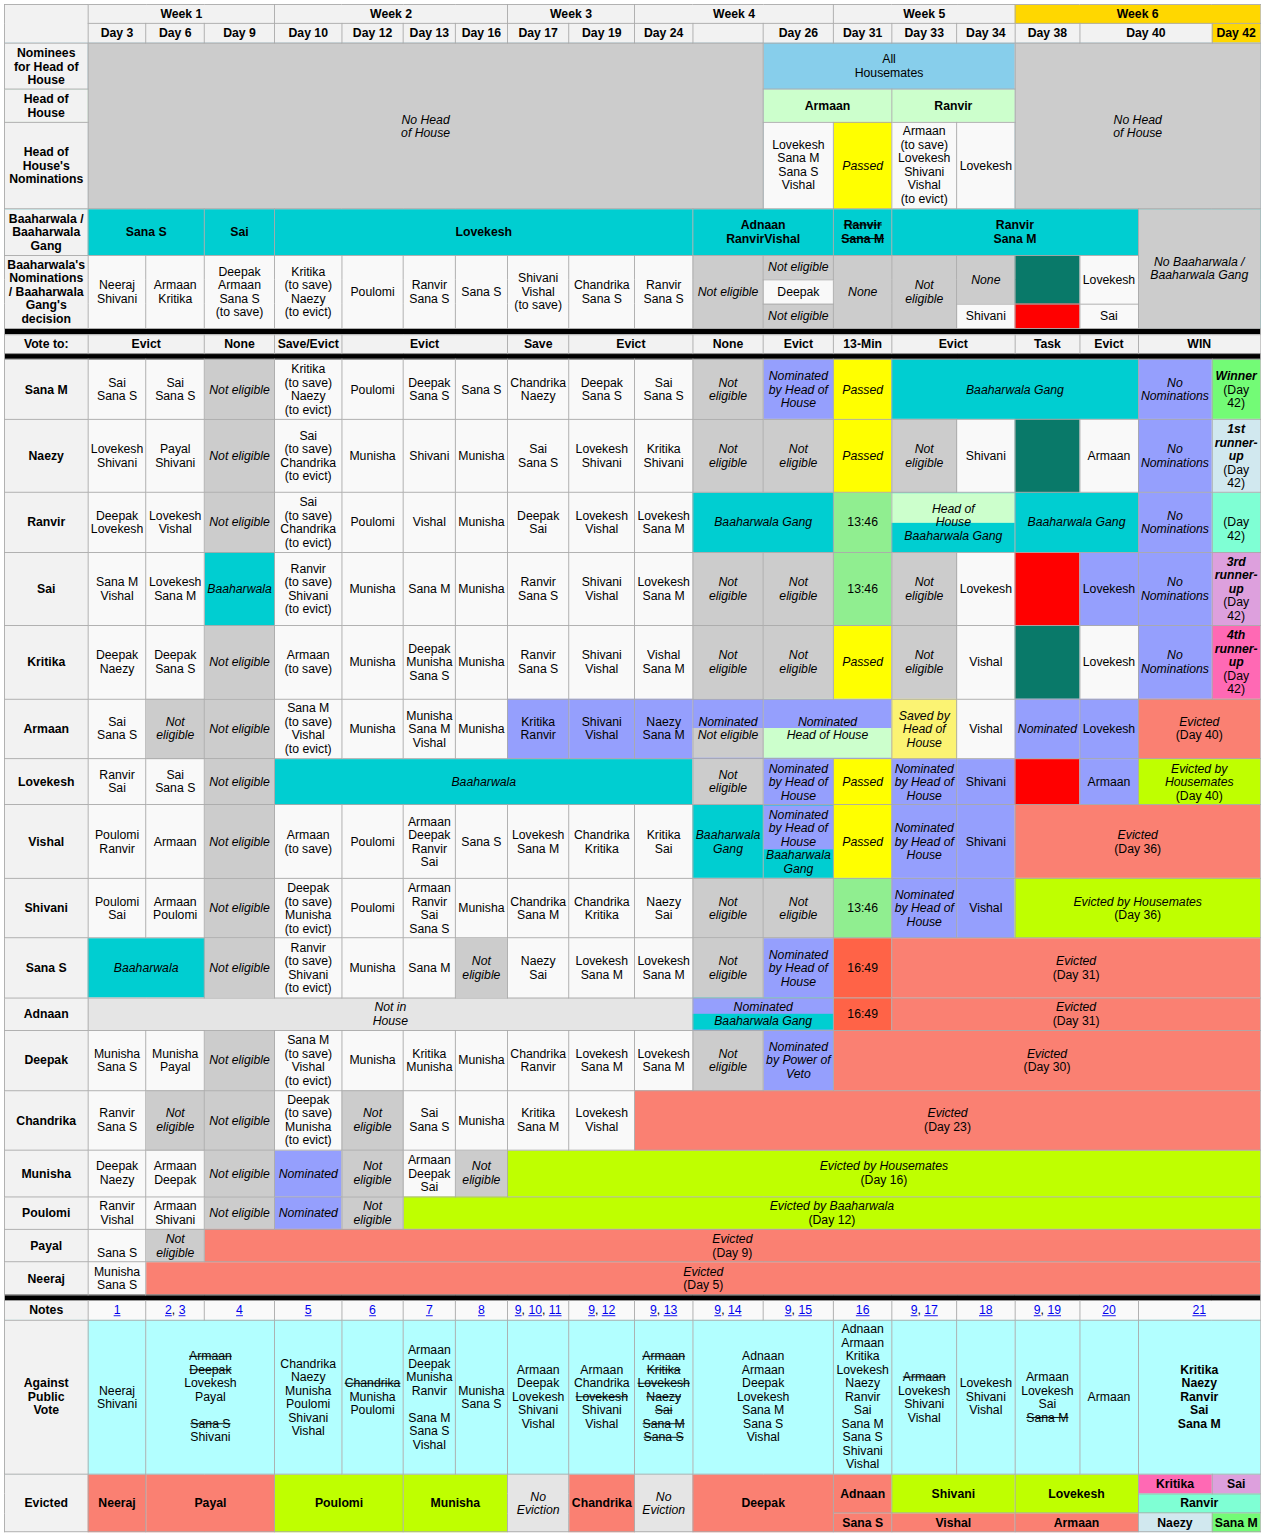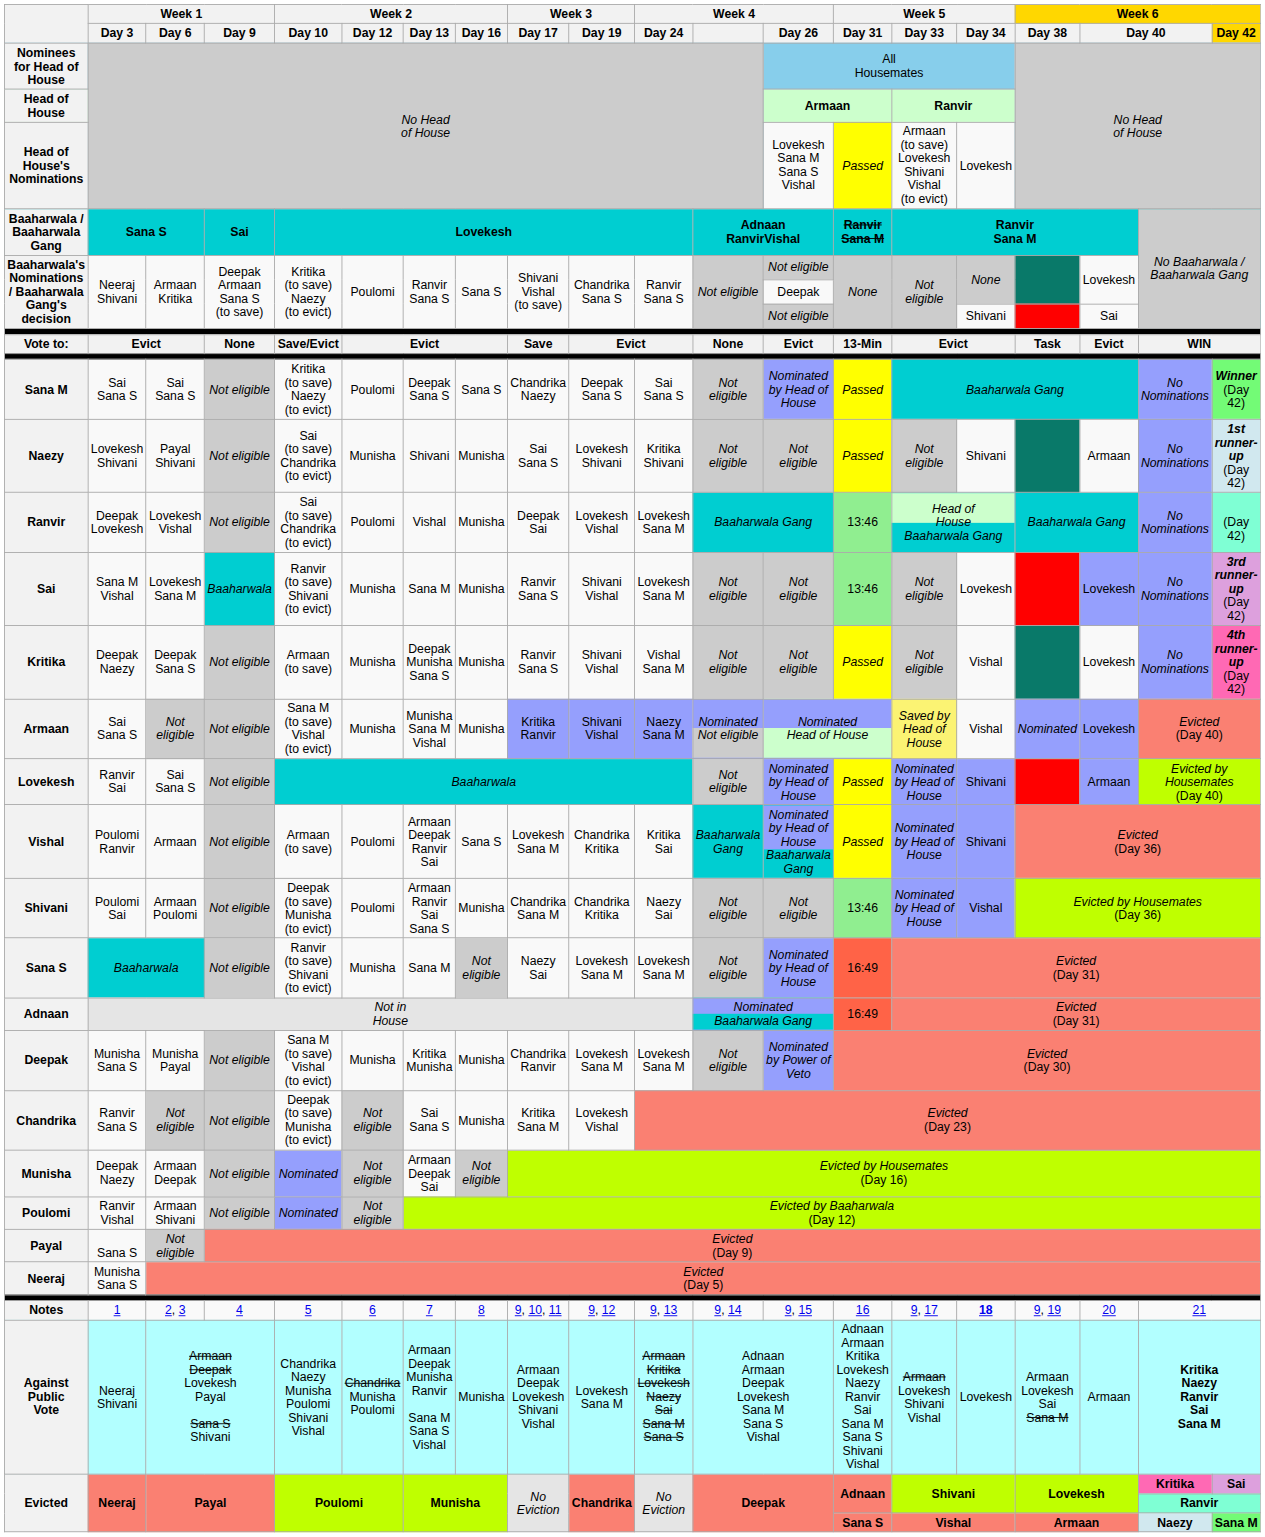 <table class="wikitable" style="text-align:center; width:100%; font-size:85%; line-height:15px;">
 <tr>
 <th rowspan="2" style="width: 5%;"></th>
 <th colspan="3" style="width: 5%;">Week 1</th>
 <th colspan="4" style="width: 5%;">Week 2</th>
 <th colspan="2" style="width: 5%;">Week 3</th>
 <th colspan="3" style="width: 5%;">Week 4</th>
 <th colspan="3" style="width: 5%;">Week 5</th>
 <th colspan="5" style="background:#FFD700;">Week 6</th>
 </tr>
 <tr>
 <th style="width: 5%;">Day 3</th>
 <th style="width: 5%;">Day 6</th>
 <th style="width: 5%;">Day 9</th>
 <th style="width: 5%;">Day 10</th>
 <th style="width: 5%;">Day 12</th>
 <th style="width: 5%;">Day 13</th>
 <th style="width: 5%;">Day 16</th>
 <th style="width: 5%;">Day 17</th>
 <th style="width: 5%;">Day 19</th>
 <th style="width: 5%;">Day 24</th>
 <th style="width: 5%;"></th>
 <th style="width: 5%;">Day 26</th>
 <th style="width: 5%;">Day 31</th>
 <th style="width: 5%;">Day 33</th>
 <th style="width: 5%;">Day 34</th>
 <th style="width: 5%;">Day 38</th>
 <th colspan=3 style="width: 5%;">Day 40</th>
 <th style="background:#FFD700;"><strong>Day 42</strong></th>
 </tr>
 <tr style="background:#87CEEB;">
 <th>Nominees for Head of House</th>
 <td colspan="11" rowspan="3" style="background:#ccc"><em>No Head<br>of House</em></td>
 <td colspan="4">All <br>Housemates</td>
 <td colspan="5" rowspan="3" style="background:#ccc"><em>No Head<br>of House</em></td>
 </tr>
 <tr style="background:#cfc">
 <th>Head of House</th>
 <td colspan="2"><strong>Armaan</strong></td>
 <td colspan="2"><strong>Ranvir</strong></td>
 </tr>
 <tr>
 <th>Head of House's Nominations</th>
 <td>Lovekesh<br>Sana M<br>Sana S<br>Vishal</td>
 <td style="background:yellow"><em>Passed</em></td>
 <td>Armaan<br>(to save)<br>Lovekesh<br>Shivani<br>Vishal<br>(to evict)</td>
 <td>Lovekesh</td>
 </tr>
 <tr style="background:#00CED1;" |>
 <th>Baaharwala / Baaharwala Gang</th>
 <td colspan="2"><strong>Sana S</strong></td>
 <td><strong>Sai</strong></td>
 <td colspan="7"><strong>Lovekesh</strong></td>
 <td colspan="2"><strong>Adnaan</strong><br><strong>Ranvir</strong><strong>Vishal</strong></td>
 <td><strong><s>Ranvir</s> </strong><br><strong><s>Sana M</s></strong></td>
 <td colspan="4"><strong>Ranvir</strong><br><strong>Sana M</strong></td>
 <td colspan="3" rowspan="4" style="background:#ccc"><em>No Baaharwala / <br> Baaharwala Gang</em></td>
 </tr>
 <tr>
 <th rowspan="3">Baaharwala's Nominations / Baaharwala Gang's decision</th>
 <td rowspan="3">Neeraj<br>Shivani</td>
 <td rowspan="3">Armaan<br>Kritika</td>
 <td rowspan="3">Deepak<br>Armaan<br>Sana S<br>(to save)</td>
 <td rowspan="3">Kritika<br>(to save)<br>Naezy<br>(to evict)</td>
 <td rowspan="3">Poulomi</td>
 <td rowspan="3">Ranvir<br>Sana S</td>
 <td rowspan="3">Sana S</td>
 <td rowspan="3">Shivani<br>Vishal<br>(to save)</td>
 <td rowspan="3">Chandrika<br>Sana S</td>
 <td rowspan="3">Ranvir<br>Sana S</td>
 <td rowspan="3" style="background:#ccc;"><em>Not eligible</em></td>
 <td style="background:#ccc;"><em>Not eligible</em></td>
 <td rowspan="3" style="background:#ccc;"><em>None</em></td>
 <td rowspan="3" style="background:#ccc;"><em>Not eligible</em></td>
 <td rowspan="2" style="background:#ccc;"><em>None</em></td>
 <td rowspan="2" style="background:#097969;"><em></em></td>
 <td rowspan="2">Lovekesh</td>
 </tr>
 <tr>
 <td>Deepak</td>
 </tr>
 <tr>
 <td style="background:#ccc;"><em>Not eligible</em></td>
 <td>Shivani</td>
 <td style="background:#FF0000;"><em></em></td>
 <td>Sai</td>
 </tr>
 <tr>
 <td colspan="21" style="background:#000;"></td>
 </tr>
 <tr>
 <th>Vote to:</th>
 <th colspan="2">Evict</th>
 <th>None</th>
 <th>Save/Evict</th>
 <th colspan="3">Evict</th>
 <th>Save</th>
 <th colspan="2">Evict</th>
 <th>None</th>
 <th>Evict</th>
 <th>13-Min</th>
 <th colspan="2">Evict</th>
 <th>Task</th>
 <th>Evict</th>
 <th colspan="3">WIN</th>
 </tr>
 <tr>
 <td colspan="21" style="background:#000;"></td>
 </tr>
 <tr>
 <th>Sana M</th>
 <td>Sai<br>Sana S</td>
 <td>Sai<br>Sana S</td>
 <td style="background:#ccc;"><em>Not eligible</em></td>
 <td>Kritika<br>(to save)<br>Naezy<br>(to evict)</td>
 <td>Poulomi</td>
 <td>Deepak<br>Sana S</td>
 <td>Sana S</td>
 <td>Chandrika<br>Naezy</td>
 <td>Deepak<br>Sana S</td>
 <td>Sai<br>Sana S</td>
 <td style="background:#ccc;"><em>Not<br>eligible </em></td>
 <td style="background:#959FFD;"><em>Nominated by Head of House</em></td>
 <td style="background:yellow"><em>Passed</em></td>
 <td colspan=4 style="background:#00CED1;"><em>Baaharwala Gang</em></td>
 <td colspan="2" style="background:#959FFD;"><em>No<br>Nominations</em></td>
 <td style="background:#73FB76;"><strong><em>Winner</em></strong><br>(Day 42)</td>
 </tr>
 <tr>
 <th>Naezy</th>
 <td>Lovekesh<br>Shivani</td>
 <td>Payal<br>Shivani</td>
 <td style="background:#ccc;"><em>Not eligible</em></td>
 <td>Sai<br>(to save)<br>Chandrika<br>(to evict)</td>
 <td>Munisha</td>
 <td>Shivani</td>
 <td>Munisha</td>
 <td>Sai<br>Sana S</td>
 <td>Lovekesh<br>Shivani</td>
 <td>Kritika <br>Shivani</td>
 <td style="background:#ccc;"><em>Not<br>eligible </em></td>
 <td style="background:#ccc;"><em>Not<br>eligible </em></td>
 <td style="background:yellow"><em>Passed</em></td>
 <td style="background:#ccc;"><em>Not eligible</em></td>
 <td>Shivani</td>
 <td style="background:#097969;"><em></em></td>
 <td>Armaan</td>
 <td colspan="2" style="background:#959FFD;"><em>No<br>Nominations</em></td>
 <td style="background:#D1E8EF;"><strong><em>1st runner-up</em></strong><br>(Day 42)</td>
 </tr>
 <tr>
 <th>Ranvir</th>
 <td>Deepak<br>Lovekesh</td>
 <td>Lovekesh<br>Vishal</td>
 <td style="background:#ccc;"><em>Not eligible</em></td>
 <td>Sai<br>(to save)<br>Chandrika<br>(to evict)</td>
 <td>Poulomi</td>
 <td>Vishal</td>
 <td>Munisha</td>
 <td>Deepak<br>Sai</td>
 <td>Lovekesh<br>Vishal</td>
 <td>Lovekesh<br>Sana M</td>
 <td colspan="2" style="background:#00CED1;"><em>Baaharwala Gang</em></td>
 <td style="background:lightgreen">13:46</td>
 <td colspan="2" style="background-image: linear-gradient( #cfc 50%, #00CED1 50%);"><em>Head of<br>House</em><br><em>Baaharwala Gang</em></td>
 <td colspan=2 style="background:#00CED1;"><em>Baaharwala Gang</em></td>
 <td colspan="2" style="background:#959FFD;"><em>No<br>Nominations</em></td>
 <td style="background:#7FFFD4;"><strong><em></em></strong><br>(Day 42)</td>
 </tr>
 <tr>
 <th>Sai</th>
 <td>Sana M<br>Vishal</td>
 <td>Lovekesh<br>Sana M</td>
 <td style="background:#00CED1;"><em>Baaharwala</em></td>
 <td>Ranvir<br>(to save)<br>Shivani<br>(to evict)</td>
 <td>Munisha</td>
 <td>Sana M</td>
 <td>Munisha</td>
 <td>Ranvir<br>Sana S</td>
 <td>Shivani<br>Vishal</td>
 <td>Lovekesh<br>Sana M</td>
 <td style="background:#ccc;"><em>Not<br>eligible </em></td>
 <td style="background:#ccc;"><em>Not<br>eligible </em></td>
 <td style="background:lightgreen">13:46</td>
 <td style="background:#ccc;"><em>Not eligible</em></td>
 <td>Lovekesh</td>
 <td style="background:#FF0000;"><em></em></td>
 <td style="background:#959FFD;">Lovekesh</td>
 <td colspan="2" style="background:#959FFD;"><em>No<br>Nominations</em></td>
 <td style="background:#DDA0DD;"><strong><em>3rd runner-up</em></strong><br>(Day 42)</td>
 </tr>
 <tr>
 <th>Kritika</th>
 <td>Deepak<br>Naezy</td>
 <td>Deepak<br>Sana S</td>
 <td style="background:#ccc;"><em>Not eligible</em></td>
 <td>Armaan<br>(to save)</td>
 <td>Munisha</td>
 <td>Deepak<br>Munisha<br>Sana S</td>
 <td>Munisha</td>
 <td>Ranvir<br>Sana S</td>
 <td>Shivani<br>Vishal</td>
 <td>Vishal<br>Sana M</td>
 <td style="background:#ccc;"><em>Not<br>eligible </em></td>
 <td style="background:#ccc;"><em>Not<br>eligible </em></td>
 <td style="background:yellow"><em>Passed</em></td>
 <td style="background:#ccc;"><em>Not eligible</em></td>
 <td>Vishal</td>
 <td style="background:#097969;"><em></em></td>
 <td>Lovekesh</td>
 <td colspan="2" style="background:#959FFD;"><em>No<br>Nominations</em></td>
 <td style="background:#FF69B4;"><strong><em>4th runner-up</em></strong><br>(Day 42)</td>
 </tr>
 <tr>
 <th>Armaan</th>
 <td>Sai<br>Sana S</td>
 <td style="background:#ccc;"><em>Not eligible</em></td>
 <td style="background:#ccc;"><em>Not eligible</em></td>
 <td>Sana M<br>(to save)<br>Vishal<br>(to evict)</td>
 <td>Munisha</td>
 <td>Munisha<br>Sana M<br>Vishal</td>
 <td>Munisha</td>
 <td style="background:#959FFD;">Kritika<br>Ranvir</td>
 <td style="background:#959FFD;">Shivani<br>Vishal</td>
 <td style="background:#959FFD;">Naezy<br>Sana M</td>
 <td style="background-image: linear-gradient(#959FFD 50%, #ccc 50%);"><em>Nominated</em> <br> <em>Not eligible</em></td>
 <td colspan="2" style="background-image: linear-gradient(#959FFD 50%, #cfc 50%);"><em>Nominated</em> <br> <em>Head of House</em></td>
 <td style="background:#FBF373;"><em>Saved by Head of House</em></td>
 <td>Vishal</td>
 <td style="background:#959FFD;"><em>Nominated </em></td>
 <td style="background:#959FFD;">Lovekesh</td>
 <td colspan="3" style="background:#FA8072;"><em>Evicted</em><br>(Day 40)</td>
 </tr>
 <tr>
 <th>Lovekesh</th>
 <td>Ranvir<br>Sai</td>
 <td>Sai<br>Sana S</td>
 <td style="background:#ccc;"><em>Not eligible</em></td>
 <td colspan="7" style="background:#00CED1;"><em>Baaharwala</em></td>
 <td style="background:#ccc;"><em>Not<br>eligible </em></td>
 <td style="background:#959FFD;"><em>Nominated by Head of House</em></td>
 <td style="background:yellow"><em>Passed</em></td>
 <td style="background:#959FFD;"><em>Nominated by Head of House</em></td>
 <td style="background:#959FFD;">Shivani</td>
 <td style="background:#FF0000;"><em></em></td>
 <td style="background:#959FFD;">Armaan</td>
 <td colspan="3" style="background:#BFFF00;"><em>Evicted by Housemates</em><br>(Day 40)</td>
 </tr>
 <tr>
 <th>Vishal</th>
 <td>Poulomi<br>Ranvir</td>
 <td>Armaan<br></td>
 <td style="background:#ccc;"><em>Not eligible</em></td>
 <td>Armaan<br>(to save)</td>
 <td>Poulomi</td>
 <td>Armaan<br>Deepak<br>Ranvir<br>Sai</td>
 <td>Sana S</td>
 <td>Lovekesh<br>Sana M</td>
 <td>Chandrika<br>Kritika</td>
 <td>Kritika<br> Sai</td>
 <td style="background:#00CED1;"><em>Baaharwala Gang</em></td>
 <td style="background-image: linear-gradient( #959FFD 60%, #00CED1 40%);"><em>Nominated by Head of House</em> <br> <em>Baaharwala Gang</em></td>
 <td style="background:yellow"><em>Passed</em></td>
 <td style="background:#959FFD;"><em>Nominated by Head of House</em></td>
 <td style="background:#959FFD;">Shivani</td>
 <td colspan="5" style="background:#FA8072;"><em>Evicted</em><br>(Day 36)</td>
 </tr>
 <tr>
 <th>Shivani</th>
 <td>Poulomi<br>Sai</td>
 <td>Armaan<br>Poulomi</td>
 <td style="background:#ccc;"><em>Not eligible</em></td>
 <td>Deepak<br>(to save)<br>Munisha<br>(to evict)</td>
 <td>Poulomi</td>
 <td>Armaan<br>Ranvir<br>Sai<br>Sana S</td>
 <td>Munisha</td>
 <td>Chandrika<br>Sana M</td>
 <td>Chandrika<br>Kritika</td>
 <td>Naezy<br> Sai</td>
 <td style="background:#ccc;"><em>Not<br>eligible </em></td>
 <td style="background:#ccc;"><em>Not<br>eligible </em></td>
 <td style="background:lightgreen">13:46</td>
 <td style="background:#959FFD;"><em>Nominated by Head of House</em></td>
 <td style="background:#959FFD;">Vishal</td>
 <td colspan="5" style="background:#BFFF00;"><em>Evicted by Housemates</em><br>(Day 36)</td>
 </tr>
 <tr>
 <th>Sana S</th>
 <td colspan="2" style="background:#00CED1;"><em>Baaharwala</em></td>
 <td style="background:#ccc;"><em>Not eligible</em></td>
 <td>Ranvir<br>(to save)<br>Shivani<br>(to evict)</td>
 <td>Munisha</td>
 <td>Sana M</td>
 <td style="background:#ccc;"><em>Not eligible</em></td>
 <td>Naezy<br>Sai</td>
 <td>Lovekesh<br>Sana M</td>
 <td>Lovekesh<br>Sana M</td>
 <td style="background:#ccc;"><em>Not<br>eligible </em></td>
 <td style="background:#959FFD;"><em>Nominated by Head of House</em></td>
 <td style="background:tomato">16:49</td>
 <td colspan="7" style="background:#FA8072;"><em>Evicted</em><br>(Day 31)</td>
 </tr>
 <tr>
 <th>Adnaan</th>
 <td colspan="10" style="background:#E5E5E5;"><em>Not in <br>House</em></td>
 <td colspan="2" style="background-image: linear-gradient( #959FFD 50%, #00CED1 50%);"><em>Nominated</em> <br> <em>Baaharwala Gang</em></td>
 <td style="background:tomato">16:49</td>
 <td colspan="7" style="background:#FA8072;"><em>Evicted</em><br>(Day 31)</td>
 </tr>
 <tr>
 <th>Deepak</th>
 <td>Munisha<br>Sana S</td>
 <td>Munisha<br>Payal</td>
 <td style="background:#ccc;"><em>Not eligible</em></td>
 <td>Sana M<br>(to save)<br>Vishal<br>(to evict)</td>
 <td>Munisha</td>
 <td>Kritika<br>Munisha</td>
 <td>Munisha</td>
 <td>Chandrika<br>Ranvir</td>
 <td>Lovekesh<br>Sana M</td>
 <td>Lovekesh<br>Sana M</td>
 <td style="background:#ccc;"><em>Not<br>eligible </em></td>
 <td style="background:#959FFD"><em>Nominated by Power of Veto </em></td>
 <td colspan="8" style="background:#FA8072;"><em>Evicted</em><br>(Day 30)</td>
 </tr>
 <tr>
 <th>Chandrika</th>
 <td>Ranvir<br>Sana S</td>
 <td style="background:#ccc;"><em>Not eligible</em></td>
 <td style="background:#ccc;"><em>Not eligible</em></td>
 <td>Deepak<br>(to save)<br>Munisha<br>(to evict)</td>
 <td style="background:#ccc;"><em>Not eligible</em></td>
 <td>Sai<br>Sana S</td>
 <td>Munisha</td>
 <td>Kritika<br>Sana M</td>
 <td>Lovekesh<br>Vishal</td>
 <td colspan="11" style="background:#FA8072;"><em>Evicted</em><br>(Day 23)</td>
 </tr>
 <tr>
 <th>Munisha</th>
 <td>Deepak<br>Naezy</td>
 <td>Armaan<br>Deepak</td>
 <td style="background:#ccc;"><em>Not eligible</em></td>
 <td style="background:#959FFD;"><em>Nominated</em></td>
 <td style="background:#ccc;"><em>Not eligible</em></td>
 <td>Armaan<br>Deepak<br>Sai</td>
 <td style="background:#ccc;"><em>Not eligible</em></td>
 <td colspan="13" style="background:#BFFF00;"><em>Evicted by Housemates</em><br>(Day 16)</td>
 </tr>
 <tr>
 <th>Poulomi</th>
 <td>Ranvir<br>Vishal</td>
 <td>Armaan<br>Shivani</td>
 <td style="background:#ccc;"><em>Not eligible</em></td>
 <td style="background:#959FFD;"><em> Nominated</em></td>
 <td style="background:#ccc;"><em>Not eligible</em></td>
 <td colspan="15" style="background:#BFFF00;"><em>Evicted by Baaharwala</em><br>(Day 12)</td>
 </tr>
 <tr>
 <th>Payal</th>
 <td><br>Sana S</td>
 <td style="background:#ccc;"><em>Not eligible</em></td>
 <td colspan="18" style="background:#FA8072;"><em>Evicted</em><br>(Day 9)</td>
 </tr>
 <tr>
 <th>Neeraj</th>
 <td>Munisha<br>Sana S</td>
 <td colspan="19" style="background:#FA8072;"><em>Evicted</em><br>(Day 5)</td>
 </tr>
 <tr>
 <th colspan="21" style="background:#000;"></th>
 </tr>
 <tr>
 <th>Notes</th>
 <td><a href='#'>1</a></td>
 <td><a href='#'>2</a>, <a href='#'>3</a></td>
 <td><a href='#'>4</a></td>
 <td><a href='#'>5</a></td>
 <td><a href='#'>6</a></td>
 <td><a href='#'>7</a></td>
 <td><a href='#'>8</a></td>
 <td><a href='#'>9</a>, <a href='#'>10</a>, <a href='#'>11</a></td>
 <td><a href='#'>9</a>, <a href='#'>12</a></td>
 <td><a href='#'>9</a>, <a href='#'>13</a></td>
 <td><a href='#'>9</a>, <a href='#'>14</a></td>
 <td><a href='#'>9</a>, <a href='#'>15</a></td>
 <td><a href='#'>16</a></td>
 <td><a href='#'>9</a>, <a href='#'>17</a></td>
-<td><a href='#'>18</a></td>
+<td><strong><a href='#'>18</a></strong></td>
 <td><a href='#'>9</a>, <a href='#'>19</a></td>
 <td><a href='#'>20</a></td>
 <td colspan="3"><a href='#'>21</a></td>
 </tr>
 <tr style="background:#B2FFFF">
 <th>Against<br>Public<br>Vote</th>
 <td>Neeraj<br>Shivani</td>
 <td colspan=2><s>Armaan<br>Deepak</s><br>Lovekesh<br>Payal<br><s><br>Sana S</s><br>Shivani</td>
 <td>Chandrika<br>Naezy<br>Munisha<br>Poulomi<br>Shivani<br>Vishal</td>
 <td><s>Chandrika</s><br>Munisha<br>Poulomi</td>
 <td>Armaan<br>Deepak<br>Munisha<br>Ranvir<br><br>Sana M<br>Sana S<br>Vishal</td>
-<td>Munisha<br>Sana S</td>
+<td>Munisha</td>
 <td>Armaan<br>Deepak<br>Lovekesh<br>Shivani<br>Vishal</td>
-<td>Armaan<br>Chandrika<br><s>Lovekesh</s><br>Shivani<br>Vishal</td>
+<td>Lovekesh<br>Sana M</td>
 <td><s>Armaan<br>Kritika<br>Lovekesh<br>Naezy<br>Sai<br>Sana M<br>Sana S</s></td>
 <td colspan="2">Adnaan<br>Armaan<br>Deepak<br>Lovekesh<br>Sana M<br>Sana S<br>Vishal</td>
 <td>Adnaan<br>Armaan<br>Kritika<br>Lovekesh<br>Naezy<br>Ranvir<br>Sai<br>Sana M<br>Sana S<br>Shivani<br>Vishal</td>
 <td><s>Armaan </s><br>Lovekesh<br>Shivani<br>Vishal</td>
-<td>Lovekesh<br>Shivani<br>Vishal</td>
+<td>Lovekesh</td>
 <td>Armaan<br>Lovekesh<br>Sai<br><s>Sana M</s></td>
 <td>Armaan</td>
 <th colspan="3" style="background:#B2FFFF"><strong>Kritika<br>Naezy<br>Ranvir<br>Sai<br>Sana M</strong></th>
 </tr>
 <tr>
 <th rowspan="3">Evicted</th>
 <td rowspan="3" style="background:#FA8072;"><strong>Neeraj</strong></td>
 <td colspan="2" rowspan="3" style="background:#FA8072;"><strong>Payal</strong></td>
 <td colspan="2" rowspan="3" style="background:#BFFF00;"><strong>Poulomi</strong></td>
 <td colspan="2" rowspan="3" style="background:#BFFF00;"><strong>Munisha</strong></td>
 <td rowspan="3" style="background:#E5E5E5"><em>No<br>Eviction</em></td>
 <td rowspan="3" style="background:#FA8072;"><strong>Chandrika</strong></td>
 <td rowspan="3" style="background:#E5E5E5"><em>No<br>Eviction</em></td>
 <td colspan="2" rowspan="3" style="background:#FA8072;"><strong>Deepak</strong></td>
 <td rowspan="2" style="background:#FA8072;"><strong>Adnaan</strong></td>
 <td colspan="2" rowspan="2" style="background:#BFFF00"><strong>Shivani</strong></td>
 <td colspan="2" rowspan="2" style="background:#BFFF00"><strong>Lovekesh</strong></td>
 <td colspan="2" style="background:#FF69B4;"><strong>Kritika</strong></td>
 <td style="background:#DDA0DD;"><strong>Sai</strong></td>
 </tr>
 <tr>
 <td colspan="3" style="background:#7FFFD4;"><strong>Ranvir</strong></td>
 </tr>
 <tr>
 <td style="background:#FA8072;"><strong>Sana S</strong></td>
 <td colspan="2" style="background:#FA8072;"><strong>Vishal</strong></td>
 <td colspan="2" style="background:#FA8072;"><strong>Armaan</strong></td>
 <td colspan="2" style="background:#D1E8EF;"><strong>Naezy</strong></td>
 <td style="background:#73FB76;"><strong>Sana M</strong></td>
 </tr>
 </table>
